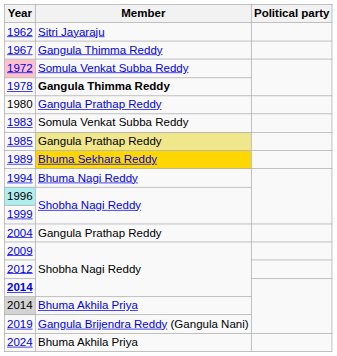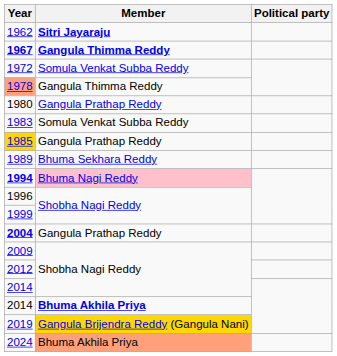 <table class="wikitable sortable">
 <tr>
 <th>Year</th>
 <th>Member</th>
 <th colspan="2">Political party</th>
 </tr>
 <tr>
 <td><a href='#'>1962</a></td>
-<td><a href='#'>Sitri Jayaraju</a></td>
+<td><strong><a href='#'>Sitri Jayaraju</a></strong></td>
 <td></td>
 </tr>
 <tr>
-<td><a href='#'>1967</a></td>
-<td><a href='#'>Gangula Thimma Reddy</a></td>
+<td><strong><a href='#'>1967</a></strong></td>
+<td><strong><a href='#'>Gangula Thimma Reddy</a></strong></td>
 <td></td>
 </tr>
 <tr>
-<td style="background: pink;"><a href='#'>1972</a></td>
+<td><a href='#'>1972</a></td>
 <td><a href='#'>Somula Venkat Subba Reddy</a></td>
 </tr>
 <tr>
-<td><a href='#'>1978</a></td>
-<td><strong>Gangula Thimma Reddy</strong></td>
+<td style="background: lightsalmon;"><a href='#'>1978</a></td>
+<td>Gangula Thimma Reddy</td>
 </tr>
 <tr>
 <td>1980</td>
 <td><a href='#'>Gangula Prathap Reddy</a></td>
 <td></td>
 </tr>
 <tr>
 <td><a href='#'>1983</a></td>
 <td>Somula Venkat Subba Reddy</td>
 <td></td>
 </tr>
 <tr>
-<td><a href='#'>1985</a></td>
-<td style="background: khaki;">Gangula Prathap Reddy</td>
+<td style="background: gold;"><a href='#'>1985</a></td>
+<td>Gangula Prathap Reddy</td>
 <td></td>
 </tr>
 <tr>
 <td><a href='#'>1989</a></td>
-<td style="background: gold;"><a href='#'>Bhuma Sekhara Reddy</a></td>
+<td><a href='#'>Bhuma Sekhara Reddy</a></td>
 <td></td>
 </tr>
 <tr>
-<td><a href='#'>1994</a></td>
-<td><a href='#'>Bhuma Nagi Reddy</a></td>
+<td><strong><a href='#'>1994</a></strong></td>
+<td style="background: pink;"><a href='#'>Bhuma Nagi Reddy</a></td>
 </tr>
 <tr>
-<td style="background: paleturquoise;">1996</td>
+<td>1996</td>
 <td rowspan=2><a href='#'>Shobha Nagi Reddy</a></td>
 </tr>
 <tr>
 <td><a href='#'>1999</a></td>
 </tr>
 <tr>
-<td><a href='#'>2004</a></td>
+<td><strong><a href='#'>2004</a></strong></td>
 <td>Gangula Prathap Reddy</td>
 <td></td>
 </tr>
 <tr>
 <td><a href='#'>2009</a></td>
 <td rowspan=3>Shobha Nagi Reddy</td>
 <td></td>
 </tr>
 <tr>
 <td><a href='#'>2012</a></td>
 <td></td>
 </tr>
 <tr>
-<td><strong><a href='#'>2014</a></strong></td>
+<td><a href='#'>2014</a></td>
 </tr>
 <tr>
-<td style="background: lightgrey;">2014</td>
-<td><a href='#'>Bhuma Akhila Priya</a></td>
+<td>2014</td>
+<td><strong><a href='#'>Bhuma Akhila Priya</a></strong></td>
 </tr>
 <tr>
 <td><a href='#'>2019</a></td>
-<td><a href='#'>Gangula Brijendra Reddy</a> (Gangula Nani)</td>
+<td style="background: gold;"><a href='#'>Gangula Brijendra Reddy</a> (Gangula Nani)</td>
 </tr>
 <tr>
 <td><a href='#'>2024</a></td>
-<td>Bhuma Akhila Priya</td>
+<td style="background: lightsalmon;">Bhuma Akhila Priya</td>
 <td></td>
 </tr>
 </table>
